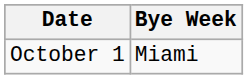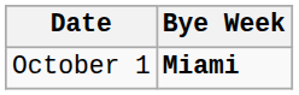 <table class="wikitable" style="font-size:95%;">
 <tr>
 <th>Date</th>
 <th colspan="3">Bye Week</th>
 </tr>
 <tr>
 <td>October 1</td>
-<td>Miami</td>
+<td><strong>Miami</strong></td>
 </tr>
 </table>
